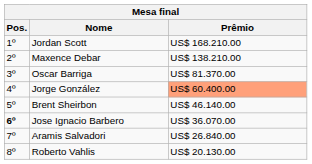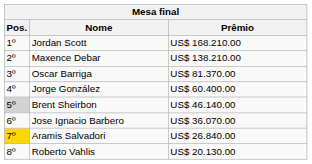 <table class="wikitable">
 <tr>
 <th colspan="3">Mesa final</th>
 </tr>
 <tr>
 <th width="30">Pos.</th>
 <th width="220">Nome</th>
 <th width="220">Prêmio</th>
 </tr>
 <tr>
 <td>1º</td>
 <td> Jordan Scott</td>
 <td>US$ 168.210.00</td>
 </tr>
 <tr>
 <td>2º</td>
 <td> Maxence Debar</td>
 <td>US$ 138.210.00</td>
 </tr>
 <tr>
 <td>3º</td>
 <td> Oscar Barriga</td>
 <td>US$ 81.370.00</td>
 </tr>
 <tr>
 <td>4º</td>
 <td> Jorge González</td>
-<td style="background: lightsalmon;">US$ 60.400.00</td>
+<td>US$ 60.400.00</td>
 </tr>
 <tr>
-<td>5º</td>
+<td style="background: lightgrey;">5º</td>
 <td> Brent Sheirbon</td>
 <td>US$ 46.140.00</td>
 </tr>
 <tr>
-<td><strong>6º</strong></td>
+<td>6º</td>
 <td> Jose Ignacio Barbero</td>
 <td>US$ 36.070.00</td>
 </tr>
 <tr>
-<td>7º</td>
+<td style="background: gold;">7º</td>
 <td> Aramis Salvadori</td>
 <td>US$ 26.840.00</td>
 </tr>
 <tr>
 <td>8º</td>
 <td> Roberto Vahlis</td>
 <td>US$ 20.130.00</td>
 </tr>
 </table>
